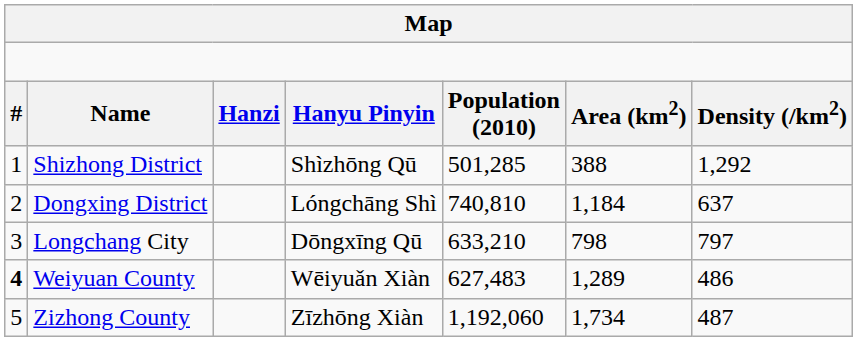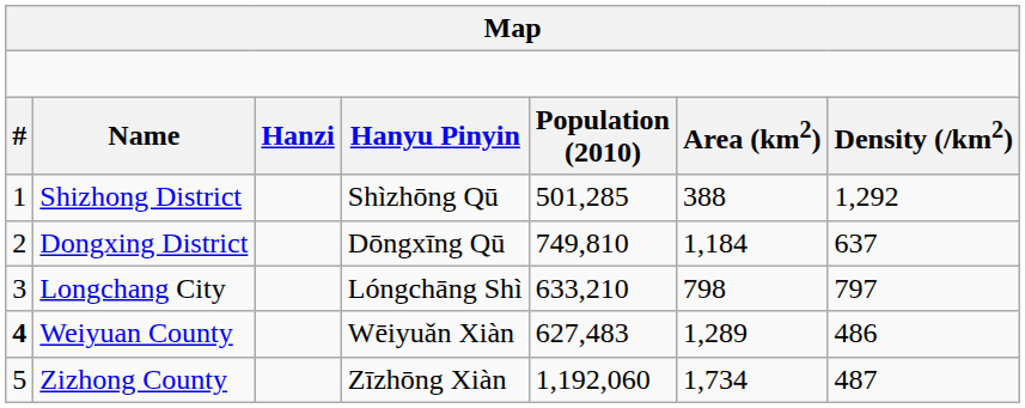 <table class="wikitable"  align=center>
 <tr>
 <th colspan="7" align="center">Map</th>
 </tr>
 <tr>
 <td colspan="7" align="center"><div><br>        </div></td>
 </tr>
 <tr>
 <th>#</th>
 <th>Name</th>
 <th><a href='#'>Hanzi</a></th>
 <th><a href='#'>Hanyu Pinyin</a></th>
 <th>Population<br>(2010)</th>
 <th>Area (km<sup>2</sup>)</th>
 <th>Density (/km<sup>2</sup>)</th>
 </tr>
 <tr --------->
 <td>1</td>
 <td><a href='#'>Shizhong District</a></td>
 <td></td>
 <td>Shìzhōng Qū</td>
 <td>501,285</td>
 <td>388</td>
 <td>1,292</td>
 </tr>
 <tr --------->
 <td>2</td>
 <td><a href='#'>Dongxing District</a></td>
 <td></td>
-<td>Lóngchāng Shì</td>
-<td>740,810</td>
+<td>Dōngxīng Qū</td>
+<td>749,810</td>
 <td>1,184</td>
 <td>637</td>
 </tr>
 <tr --------->
 <td>3</td>
 <td><a href='#'>Longchang</a> City</td>
 <td></td>
-<td>Dōngxīng Qū</td>
+<td>Lóngchāng Shì</td>
 <td>633,210</td>
 <td>798</td>
 <td>797</td>
 </tr>
 <tr --------->
 <td><strong>4</strong></td>
 <td><a href='#'>Weiyuan County</a></td>
 <td></td>
 <td>Wēiyuǎn Xiàn</td>
 <td>627,483</td>
 <td>1,289</td>
 <td>486</td>
 </tr>
 <tr --------->
 <td>5</td>
 <td><a href='#'>Zizhong County</a></td>
 <td></td>
 <td>Zīzhōng Xiàn</td>
 <td>1,192,060</td>
 <td>1,734</td>
 <td>487</td>
 </tr>
 </table>
